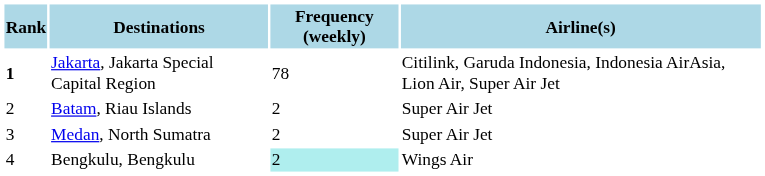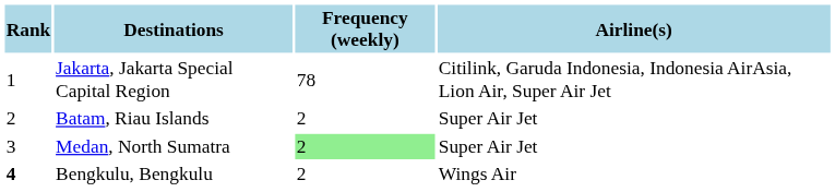 <table class="sortable" style="font-size:89%; align=center;">
 <tr style="background:lightblue;">
 <th>Rank</th>
 <th>Destinations</th>
 <th>Frequency (weekly)</th>
 <th>Airline(s)</th>
 </tr>
 <tr>
-<td><strong>1</strong></td>
+<td>1</td>
 <td> <a href='#'>Jakarta</a>, Jakarta Special Capital Region</td>
 <td>78</td>
 <td>Citilink, Garuda Indonesia, Indonesia AirAsia, Lion Air, Super Air Jet</td>
 </tr>
 <tr>
 <td>2</td>
 <td> <a href='#'>Batam</a>, Riau Islands</td>
 <td>2</td>
 <td>Super Air Jet</td>
 </tr>
 <tr>
 <td>3</td>
 <td> <a href='#'>Medan</a>, North Sumatra</td>
-<td>2</td>
+<td style="background: lightgreen;">2</td>
 <td>Super Air Jet</td>
 </tr>
 <tr>
-<td>4</td>
+<td><strong>4</strong></td>
 <td> Bengkulu, Bengkulu</td>
-<td style="background: paleturquoise;">2</td>
+<td>2</td>
 <td>Wings Air</td>
 </tr>
 <tr>
 </tr>
 </table>
